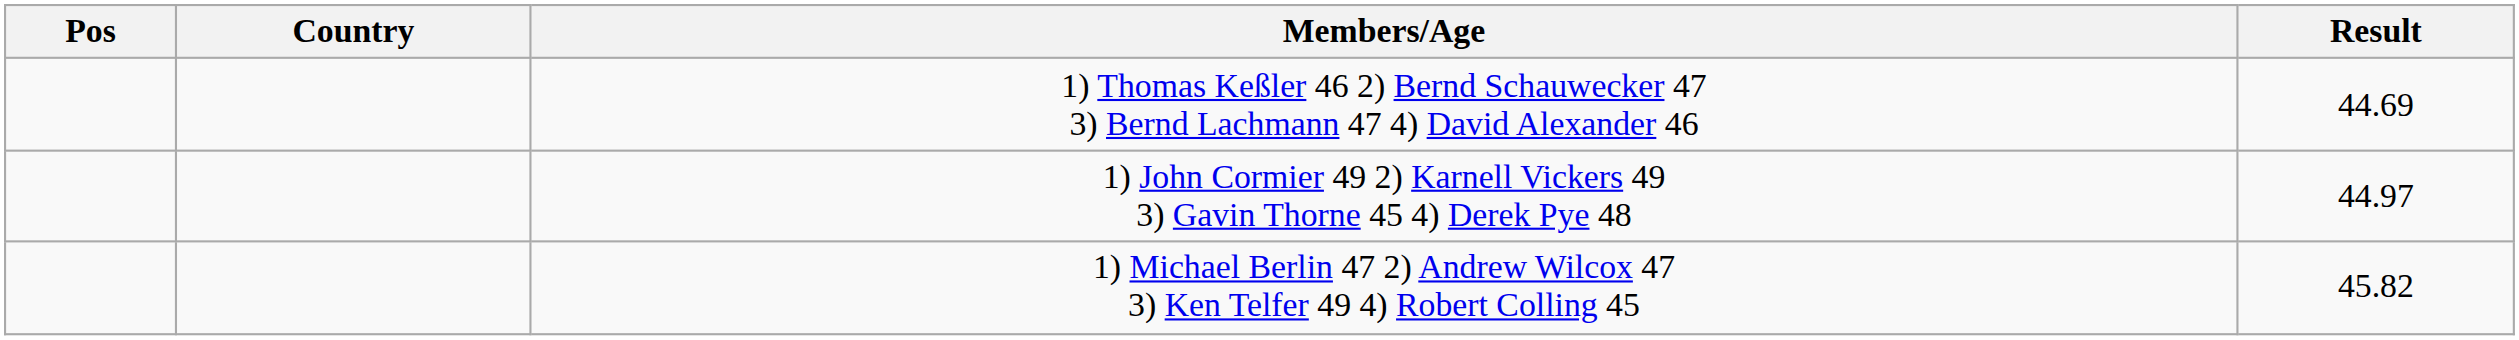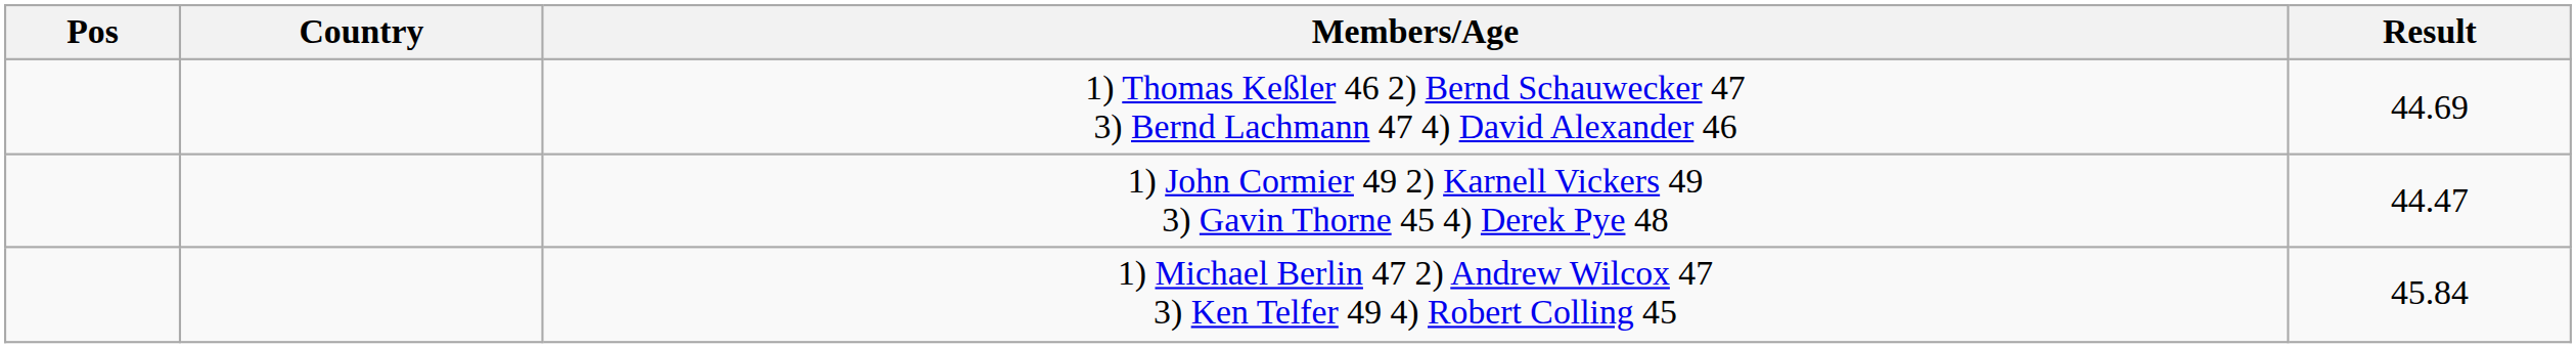 <table class="wikitable"  style="text-align:center; width:60%;">
 <tr>
 <th>Pos</th>
 <th>Country</th>
 <th>Members/Age</th>
 <th>Result</th>
 </tr>
 <tr>
 <td align=center></td>
 <td align=left></td>
 <td>1) <a href='#'>Thomas Keßler</a> 46 2) <a href='#'>Bernd Schauwecker</a> 47<br>3) <a href='#'>Bernd Lachmann</a> 47 4) <a href='#'>David Alexander</a> 46</td>
 <td>44.69</td>
 </tr>
 <tr>
 <td align=center></td>
 <td align=left></td>
 <td>1) <a href='#'>John Cormier</a> 49 2) <a href='#'>Karnell Vickers</a> 49<br>3) <a href='#'>Gavin Thorne</a> 45 4) <a href='#'>Derek Pye</a> 48</td>
-<td>44.97</td>
+<td>44.47</td>
 </tr>
 <tr>
 <td align=center></td>
 <td align=left></td>
 <td>1) <a href='#'>Michael Berlin</a> 47 2) <a href='#'>Andrew Wilcox</a> 47<br>3) <a href='#'>Ken Telfer</a> 49 4) <a href='#'>Robert Colling</a> 45</td>
-<td>45.82</td>
+<td>45.84</td>
 </tr>
 </table>
